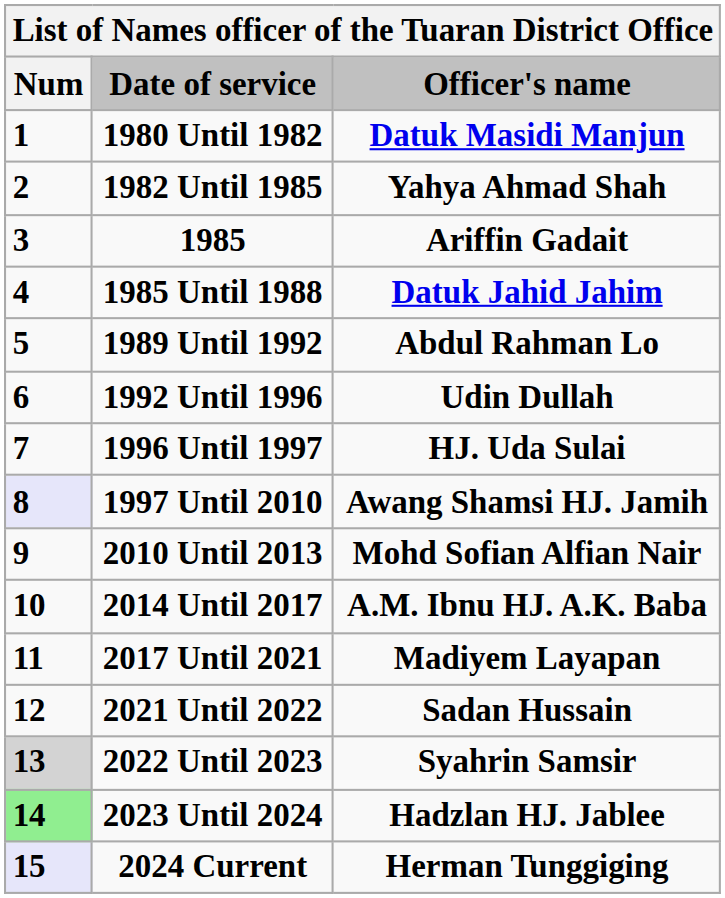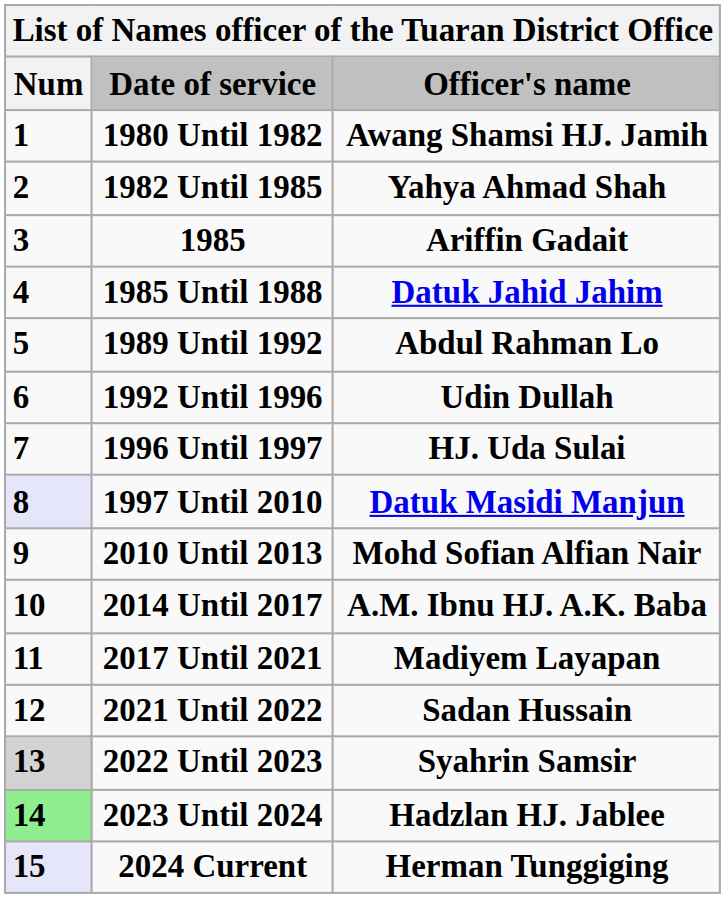 <table class="wikitable" width="auto" style="text-align: center">
 <tr>
 <th colspan="6">List of Names officer of the Tuaran District Office</th>
 </tr>
 <tr style="background:#efefef;">
 <th><strong>Num</strong></th>
 <td style="background: silver"><strong>Date of service</strong></td>
 <td style="background: silver"><strong>Officer's name</strong></td>
 </tr>
 <tr>
 <td style="text-align:left;"><strong>1</strong></td>
 <td style="text-align:center;"><strong>1980 Until 1982</strong></td>
-<td style="text-align:center;"><strong><a href='#'>Datuk Masidi Manjun</a></strong></td>
+<td style="text-align:center;"><strong>Awang Shamsi HJ. Jamih</strong></td>
 </tr>
 <tr>
 <td style="text-align:left;"><strong>2</strong></td>
 <td style="text-align:center;"><strong>1982 Until 1985</strong></td>
 <td style="text-align:center;"><strong>Yahya Ahmad Shah</strong></td>
 </tr>
 <tr>
 <td style="text-align:left;"><strong>3</strong></td>
 <td style="text-align:center;"><strong>1985</strong></td>
 <td style="text-align:center;"><strong>Ariffin Gadait</strong></td>
 </tr>
 <tr>
 <td style="text-align:left;"><strong>4</strong></td>
 <td style="text-align:center;"><strong>1985 Until 1988</strong></td>
 <td style="text-align:center;"><strong><a href='#'>Datuk Jahid Jahim</a></strong></td>
 </tr>
 <tr>
 <td style="text-align:left;"><strong>5</strong></td>
 <td style="text-align:center;"><strong>1989 Until 1992</strong></td>
 <td style="text-align:center;"><strong>Abdul Rahman Lo</strong></td>
 </tr>
 <tr>
 <td style="text-align:left;"><strong>6</strong></td>
 <td style="text-align:center;"><strong>1992 Until 1996</strong></td>
 <td style="text-align:center;"><strong>Udin Dullah</strong></td>
 </tr>
 <tr>
 <td style="text-align:left;"><strong>7</strong></td>
 <td style="text-align:center;"><strong>1996 Until 1997</strong></td>
 <td style="text-align:center;"><strong>HJ. Uda Sulai</strong></td>
 </tr>
 <tr>
 <td style="background: lavender; text-align:left;"><strong>8</strong></td>
 <td style="text-align:center;"><strong>1997 Until 2010</strong></td>
-<td style="text-align:center;"><strong>Awang Shamsi HJ. Jamih</strong></td>
+<td style="text-align:center;"><strong><a href='#'>Datuk Masidi Manjun</a></strong></td>
 </tr>
 <tr>
 <td style="text-align:left;"><strong>9</strong></td>
 <td style="text-align:center;"><strong>2010 Until 2013</strong></td>
 <td style="text-align:center;"><strong>Mohd Sofian Alfian Nair</strong></td>
 </tr>
 <tr>
 <td style="text-align:left;"><strong>10</strong></td>
 <td style="text-align:center;"><strong>2014 Until 2017</strong></td>
 <td style="text-align:center;"><strong>A.M. Ibnu HJ. A.K. Baba</strong></td>
 </tr>
 <tr>
 <td style="text-align:left;"><strong>11</strong></td>
 <td style="text-align:center;"><strong>2017 Until 2021</strong></td>
 <td style="text-align:center;"><strong>Madiyem Layapan</strong></td>
 </tr>
 <tr>
 <td style="text-align:left;"><strong>12</strong></td>
 <td style="text-align:center;"><strong>2021 Until 2022</strong></td>
 <td style="text-align:center;"><strong>Sadan Hussain</strong></td>
 </tr>
 <tr>
 <td style="background: lightgrey; text-align:left;"><strong>13</strong></td>
 <td style="text-align:center;"><strong>2022 Until 2023</strong></td>
 <td style="text-align:center;"><strong>Syahrin Samsir</strong></td>
 </tr>
 <tr>
 <td style="background: lightgreen; text-align:left;"><strong>14</strong></td>
 <td style="text-align:center;"><strong>2023 Until 2024</strong></td>
 <td style="text-align:center;"><strong>Hadzlan HJ. Jablee</strong></td>
 </tr>
 <tr>
 <td style="background: lavender; text-align:left;"><strong>15</strong></td>
 <td style="text-align:center;"><strong>2024 Current</strong></td>
 <td style="text-align:center;"><strong>Herman Tunggiging</strong></td>
 </tr>
 </table>
